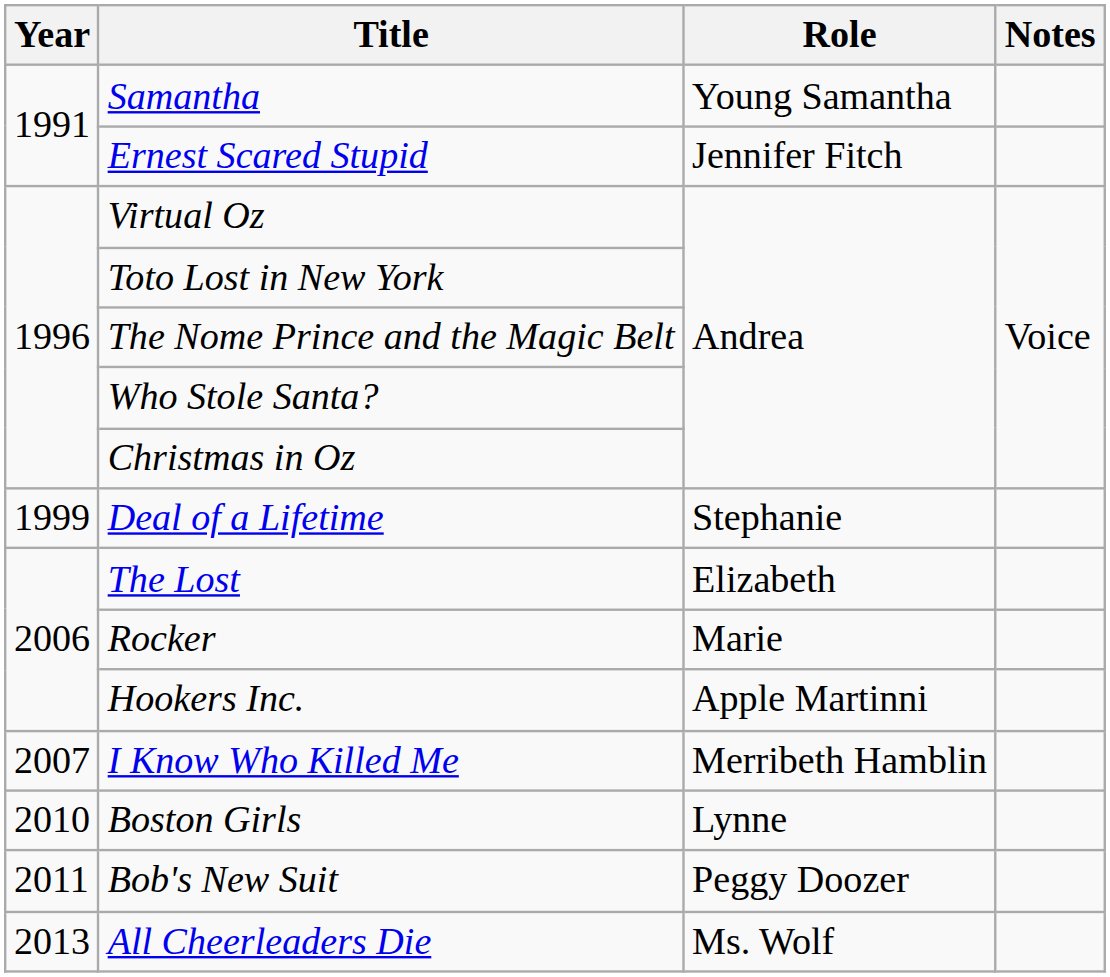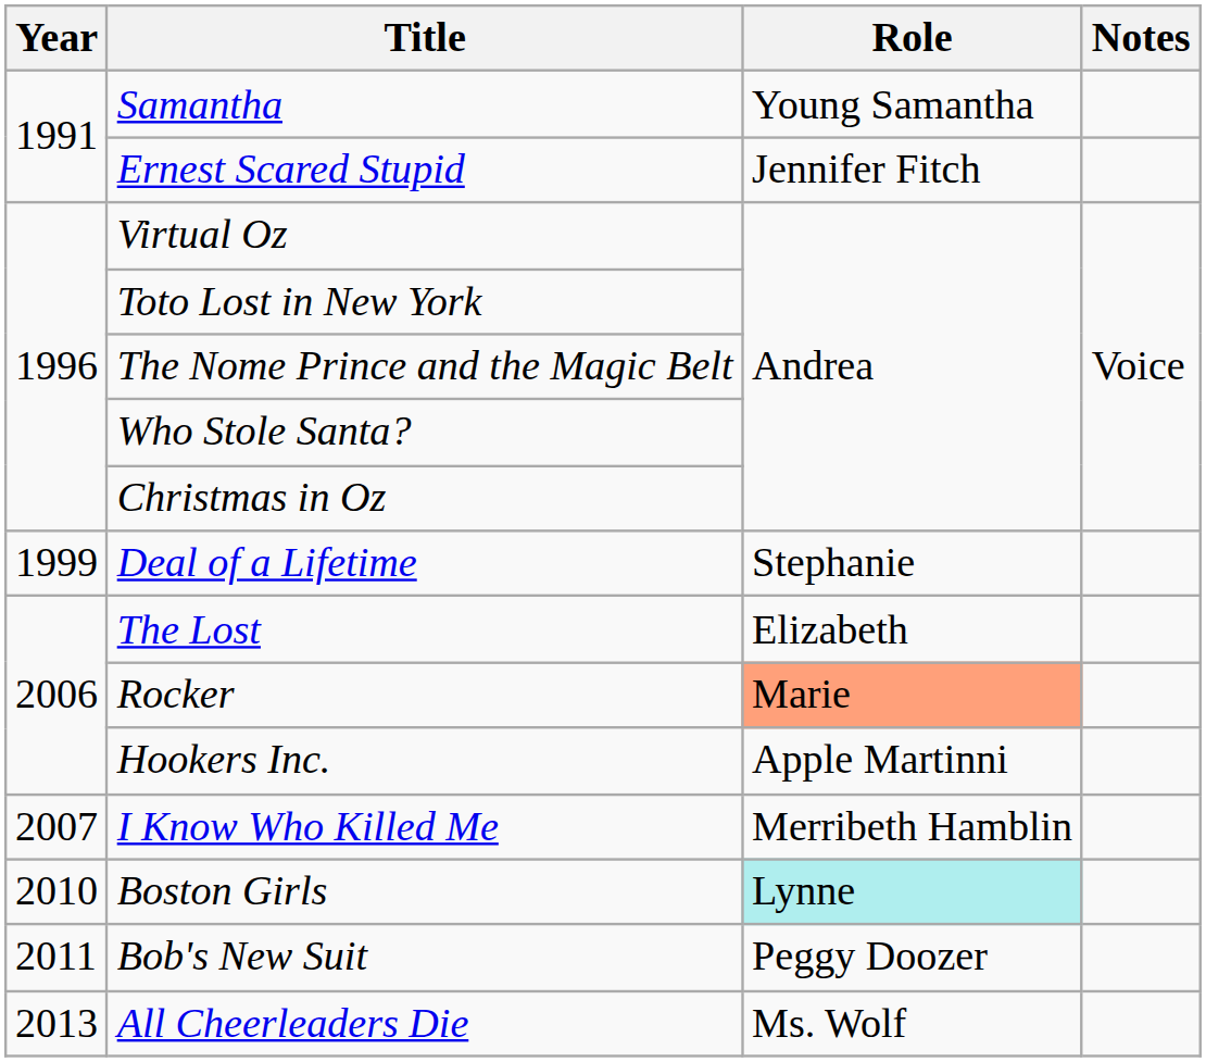 <table class="wikitable sortable">
 <tr>
 <th>Year</th>
 <th>Title</th>
 <th>Role</th>
 <th>Notes</th>
 </tr>
 <tr>
 <td rowspan="2">1991</td>
 <td><a href='#'><em>Samantha</em></a></td>
 <td>Young Samantha</td>
 <td></td>
 </tr>
 <tr>
 <td><em><a href='#'>Ernest Scared Stupid</a></em></td>
 <td>Jennifer Fitch</td>
 <td></td>
 </tr>
 <tr>
 <td rowspan="5">1996</td>
 <td><em>Virtual Oz</em></td>
 <td rowspan="5">Andrea</td>
 <td rowspan="5">Voice</td>
 </tr>
 <tr>
 <td><em>Toto Lost in New York</em></td>
 </tr>
 <tr>
 <td><em>The Nome Prince and the Magic Belt</em></td>
 </tr>
 <tr>
 <td><em>Who Stole Santa?</em></td>
 </tr>
 <tr>
 <td><em>Christmas in Oz</em></td>
 </tr>
 <tr>
 <td>1999</td>
 <td><em><a href='#'>Deal of a Lifetime</a></em></td>
 <td>Stephanie</td>
 <td></td>
 </tr>
 <tr>
 <td rowspan="3">2006</td>
 <td><a href='#'><em>The Lost</em></a></td>
 <td>Elizabeth</td>
 <td></td>
 </tr>
 <tr>
 <td><em>Rocker</em></td>
-<td>Marie</td>
+<td style="background: lightsalmon;">Marie</td>
 <td></td>
 </tr>
 <tr>
 <td><em>Hookers Inc.</em></td>
 <td>Apple Martinni</td>
 <td></td>
 </tr>
 <tr>
 <td>2007</td>
 <td><em><a href='#'>I Know Who Killed Me</a></em></td>
 <td>Merribeth Hamblin</td>
 <td></td>
 </tr>
 <tr>
 <td>2010</td>
 <td><em>Boston Girls</em></td>
-<td>Lynne</td>
+<td style="background: paleturquoise;">Lynne</td>
 <td></td>
 </tr>
 <tr>
 <td>2011</td>
 <td><em>Bob's New Suit</em></td>
 <td>Peggy Doozer</td>
 <td></td>
 </tr>
 <tr>
 <td>2013</td>
 <td><em><a href='#'>All Cheerleaders Die</a></em></td>
 <td>Ms. Wolf</td>
 <td></td>
 </tr>
 </table>
